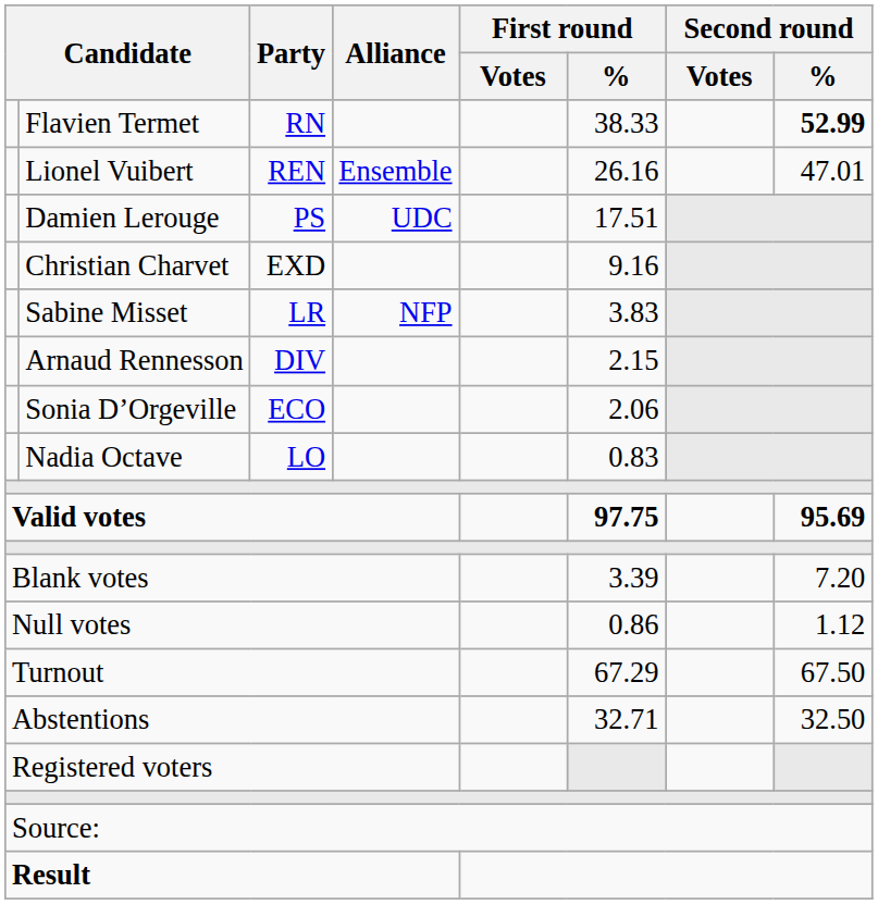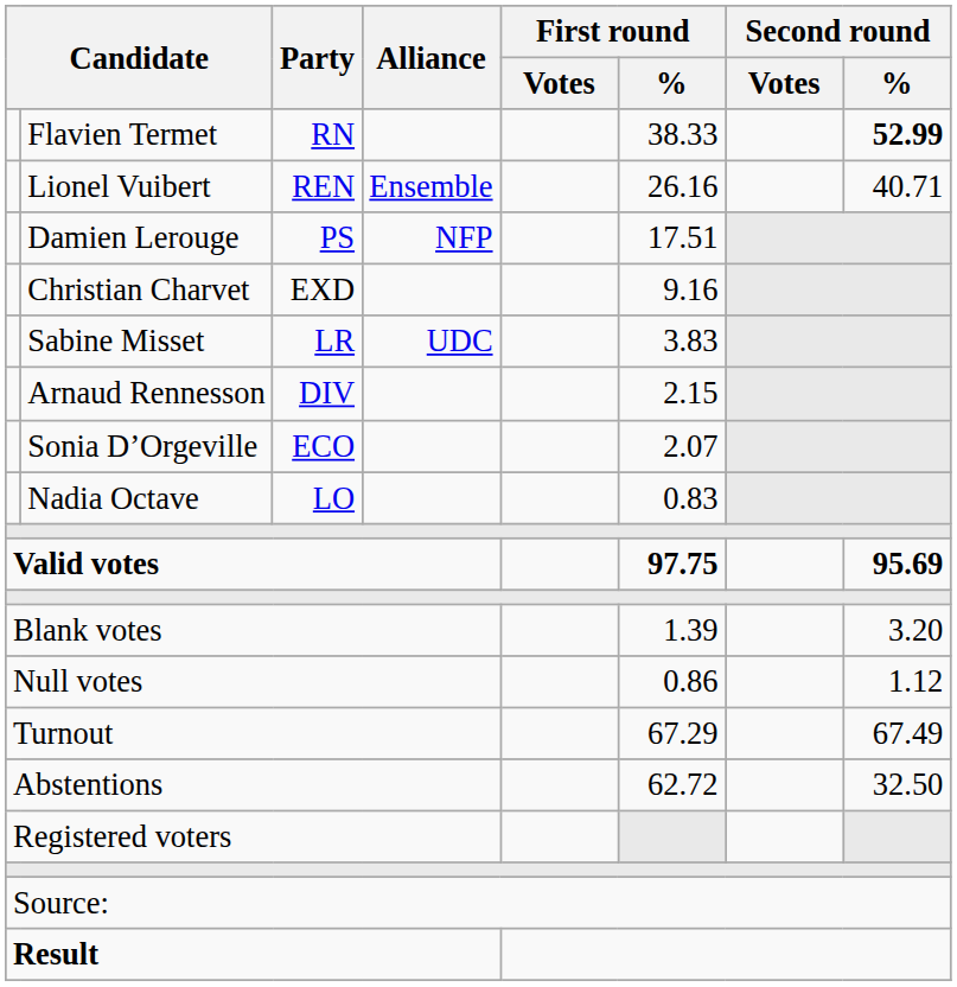 <table class="wikitable" style="text-align:right;font-size:95%;">
 <tr>
 <th colspan="2" rowspan="2">Candidate</th>
 <th colspan="1" rowspan="2">Party</th>
 <th colspan="1" rowspan="2">Alliance</th>
 <th colspan="2">First round</th>
 <th colspan="2">Second round</th>
 </tr>
 <tr>
 <th style="width:50px;">Votes</th>
 <th style="width:45px;">%</th>
 <th style="width:50px;">Votes</th>
 <th style="width:45px;">%</th>
 </tr>
 <tr>
 <td style="color:inherit;background:"></td>
 <td style="text-align:left;">Flavien Termet</td>
 <td><a href='#'>RN</a></td>
 <td></td>
 <td></td>
 <td>38.33</td>
 <td><strong></strong></td>
 <td><strong>52.99</strong><br></td>
 </tr>
 <tr>
 <td style="color:inherit;background:"></td>
 <td style="text-align:left;">Lionel Vuibert</td>
 <td><a href='#'>REN</a></td>
 <td><a href='#'>Ensemble</a></td>
 <td></td>
 <td>26.16</td>
 <td></td>
-<td>47.01</td>
+<td>40.71</td>
 </tr>
 <tr>
 <td style="color:inherit;background:"></td>
 <td style="text-align:left;">Damien Lerouge</td>
 <td><a href='#'>PS</a></td>
-<td><a href='#'>UDC</a></td>
+<td><a href='#'>NFP</a></td>
 <td></td>
 <td>17.51</td>
 <td colspan="2" style="background:#E9E9E9;"><br></td>
 </tr>
 <tr>
 <td style="color:inherit;background-color:"></td>
 <td style="text-align:left;">Christian Charvet</td>
 <td>EXD</td>
 <td></td>
 <td></td>
 <td>9.16</td>
 <td colspan="2" style="background:#E9E9E9;"><br></td>
 </tr>
 <tr>
 <td style="color:inherit;background:"></td>
 <td style="text-align:left;">Sabine Misset</td>
 <td><a href='#'>LR</a></td>
-<td><a href='#'>NFP</a></td>
+<td><a href='#'>UDC</a></td>
 <td></td>
 <td>3.83</td>
 <td colspan="2" style="background:#E9E9E9;"><br></td>
 </tr>
 <tr>
 <td style="color:inherit;background:"></td>
 <td style="text-align:left;">Arnaud Rennesson</td>
 <td Independent (politician)><a href='#'>DIV</a></td>
 <td></td>
 <td></td>
 <td>2.15</td>
 <td colspan="2" style="background:#E9E9E9;"><br></td>
 </tr>
 <tr>
 <td style="color:inherit;background:"></td>
 <td style="text-align:left;">Sonia D’Orgeville</td>
 <td><a href='#'>ECO</a></td>
 <td></td>
 <td></td>
-<td>2.06</td>
+<td>2.07</td>
 <td colspan="2" style="background:#E9E9E9;"><br></td>
 </tr>
 <tr>
 <td style="color:inherit;background:"></td>
 <td style="text-align:left;">Nadia Octave</td>
 <td><a href='#'>LO</a></td>
 <td></td>
 <td></td>
 <td>0.83</td>
 <td colspan="2" style="background:#E9E9E9;"></td>
 </tr>
 <tr>
 <td colspan="8" style="background:#E9E9E9;"></td>
 </tr>
 <tr style="font-weight:bold;">
 <td colspan="4" style="text-align:left;">Valid votes</td>
 <td></td>
 <td>97.75</td>
 <td></td>
 <td>95.69</td>
 </tr>
 <tr>
 <td colspan="8" style="background:#E9E9E9;"></td>
 </tr>
 <tr>
 <td colspan="4" style="text-align:left;">Blank votes</td>
 <td></td>
-<td>3.39</td>
+<td>1.39</td>
 <td></td>
-<td>7.20</td>
+<td>3.20</td>
 </tr>
 <tr>
 <td colspan="4" style="text-align:left;">Null votes</td>
 <td></td>
 <td>0.86</td>
 <td></td>
 <td>1.12</td>
 </tr>
 <tr>
 <td colspan="4" style="text-align:left;">Turnout</td>
 <td></td>
 <td>67.29</td>
 <td></td>
-<td>67.50</td>
+<td>67.49</td>
 </tr>
 <tr>
 <td colspan="4" style="text-align:left;">Abstentions</td>
 <td></td>
-<td>32.71</td>
+<td>62.72</td>
 <td></td>
 <td>32.50</td>
 </tr>
 <tr>
 <td colspan="4" style="text-align:left;">Registered voters</td>
 <td></td>
 <td style="background:#E9E9E9;"></td>
 <td></td>
 <td style="background:#E9E9E9;"></td>
 </tr>
 <tr>
 <td colspan="8" style="background:#E9E9E9;"></td>
 </tr>
 <tr>
 <td colspan="8" style="text-align:left;">Source: </td>
 </tr>
 <tr style="font-weight:bold">
 <td colspan="4" style="text-align:left;">Result</td>
 <td colspan="4" style="background-color:"></td>
 </tr>
 </table>
